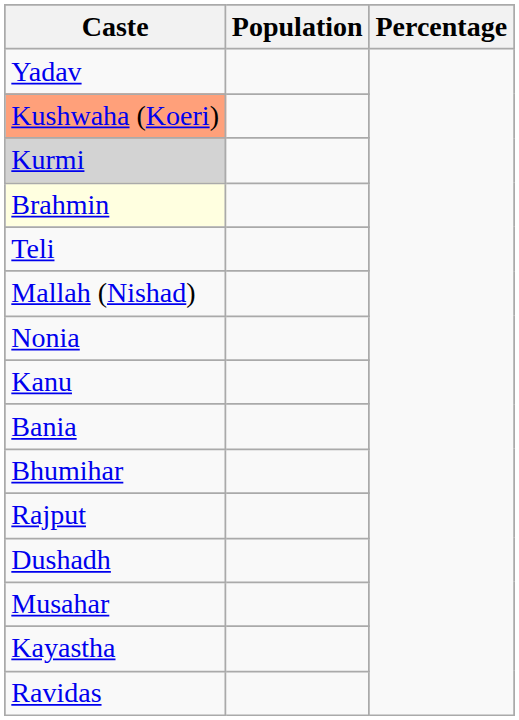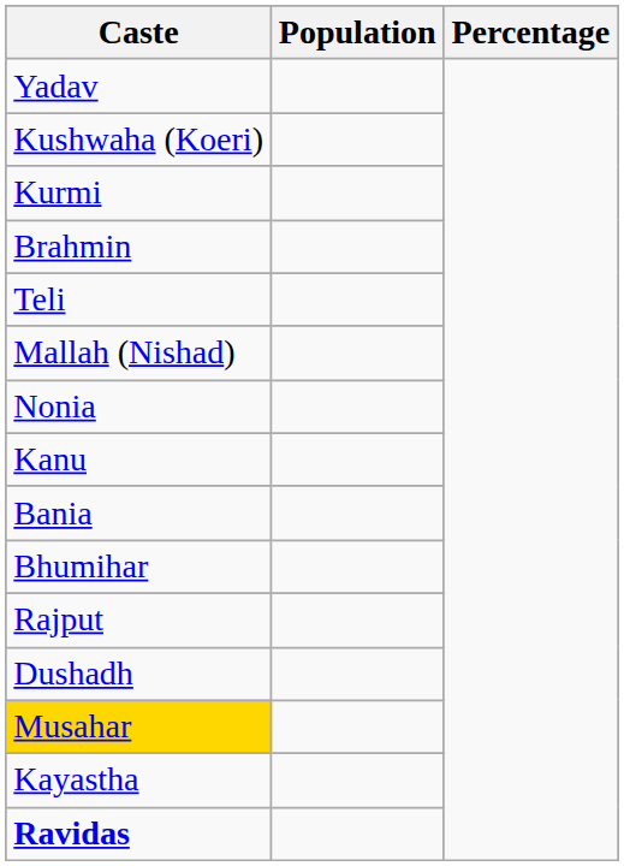 <table class="wikitable sortable">
 <tr>
 <th>Caste</th>
 <th>Population</th>
 <th>Percentage</th>
 </tr>
 <tr>
 <td><a href='#'>Yadav</a></td>
 <td></td>
 </tr>
 <tr>
-<td style="background: lightsalmon;"><a href='#'>Kushwaha</a> (<a href='#'>Koeri</a>)</td>
+<td><a href='#'>Kushwaha</a> (<a href='#'>Koeri</a>)</td>
 <td></td>
 </tr>
 <tr>
-<td style="background: lightgrey;"><a href='#'>Kurmi</a></td>
+<td><a href='#'>Kurmi</a></td>
 <td></td>
 </tr>
 <tr>
-<td style="background: lightyellow;"><a href='#'>Brahmin</a></td>
+<td><a href='#'>Brahmin</a></td>
 <td></td>
 </tr>
 <tr>
 <td><a href='#'>Teli</a></td>
 <td></td>
 </tr>
 <tr>
 <td><a href='#'>Mallah</a> (<a href='#'>Nishad</a>)</td>
 <td></td>
 </tr>
 <tr>
 <td><a href='#'>Nonia</a></td>
 <td></td>
 </tr>
 <tr>
 <td><a href='#'>Kanu</a></td>
 <td></td>
 </tr>
 <tr>
 <td><a href='#'>Bania</a></td>
 <td></td>
 </tr>
 <tr>
 <td><a href='#'>Bhumihar</a></td>
 <td></td>
 </tr>
 <tr>
 <td><a href='#'>Rajput</a></td>
 <td></td>
 </tr>
 <tr>
 <td><a href='#'>Dushadh</a></td>
 <td></td>
 </tr>
 <tr>
-<td><a href='#'>Musahar</a></td>
+<td style="background: gold;"><a href='#'>Musahar</a></td>
 <td></td>
 </tr>
 <tr>
 <td><a href='#'>Kayastha</a></td>
 <td></td>
 </tr>
 <tr>
-<td><a href='#'>Ravidas</a></td>
+<td><strong><a href='#'>Ravidas</a></strong></td>
 <td></td>
 </tr>
 </table>
